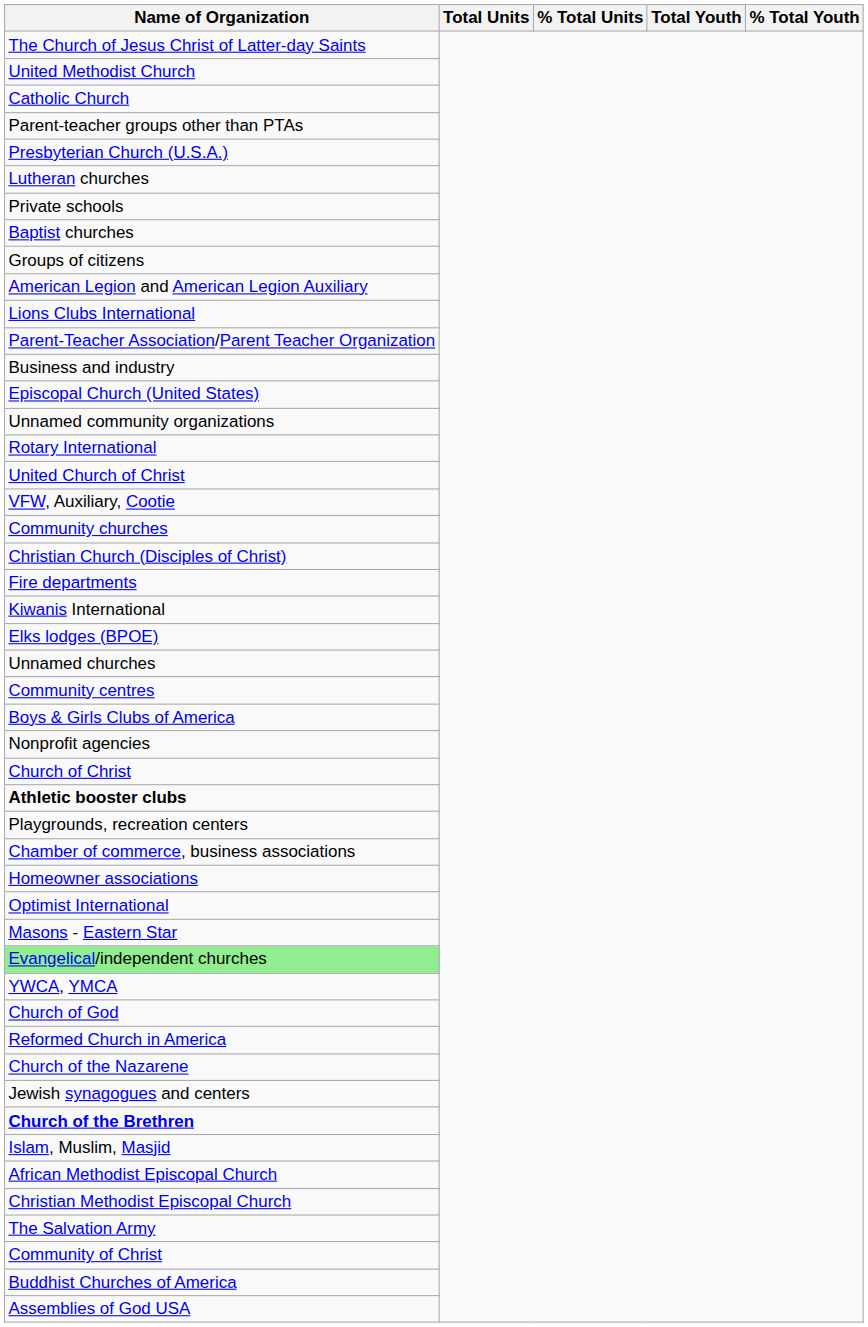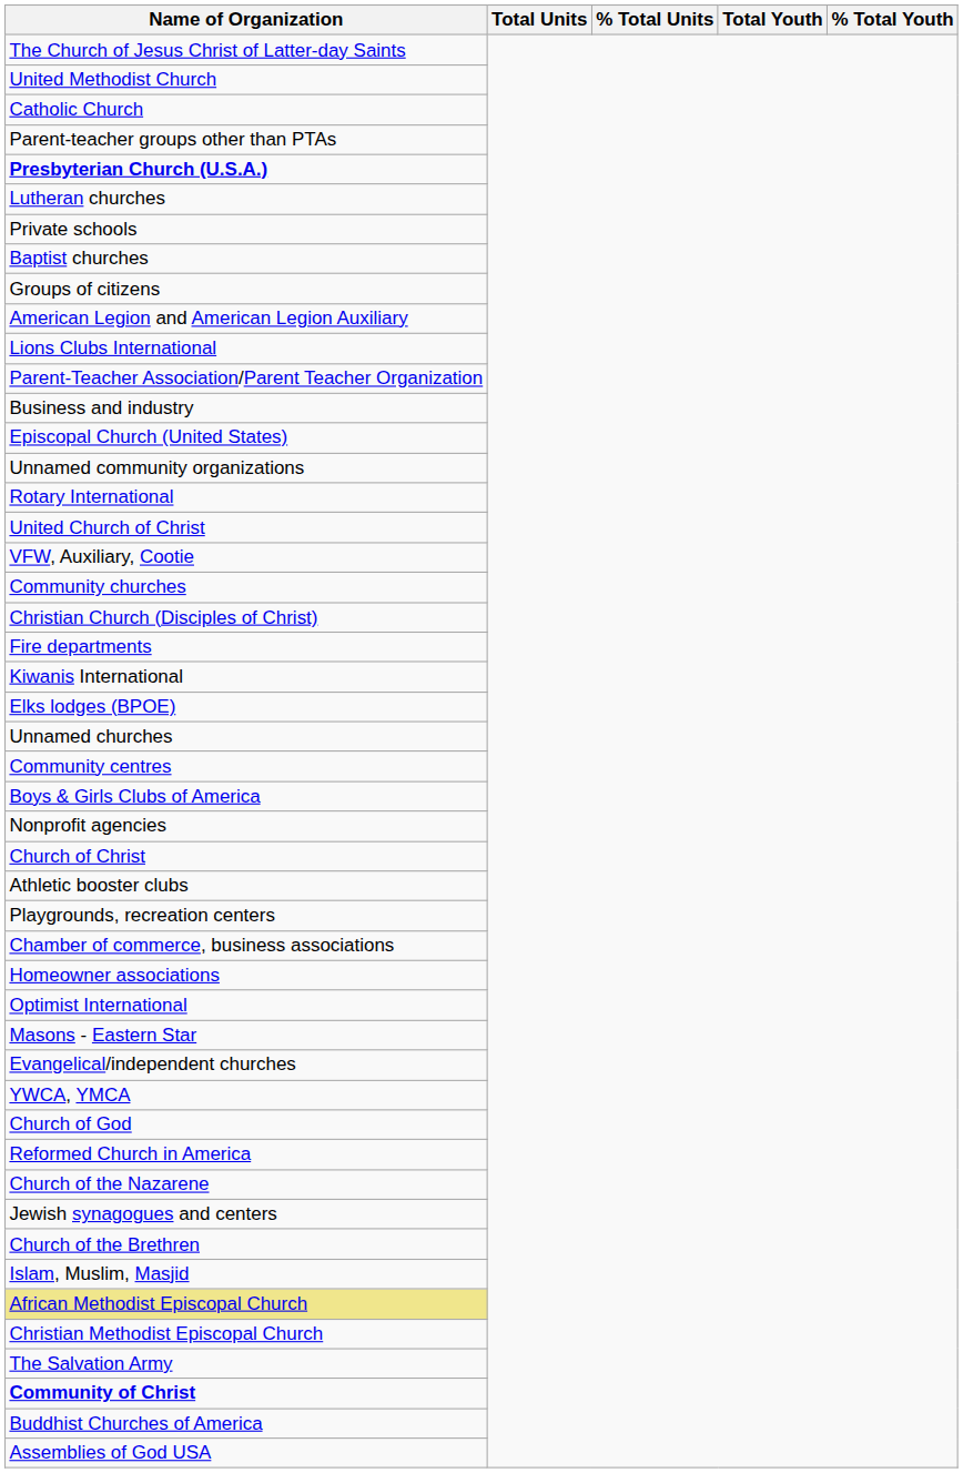 <table class="wikitable sortable">
 <tr>
 <th>Name of Organization</th>
 <th>Total Units</th>
 <th>% Total Units</th>
 <th>Total Youth</th>
 <th>% Total Youth</th>
 </tr>
 <tr>
 <td><a href='#'>The Church of Jesus Christ of Latter-day Saints</a> </td>
 </tr>
 <tr>
 <td><a href='#'>United Methodist Church</a> </td>
 </tr>
 <tr>
 <td><a href='#'>Catholic Church</a> </td>
 </tr>
 <tr>
 <td>Parent-teacher groups other than PTAs </td>
 </tr>
 <tr>
-<td><a href='#'>Presbyterian Church (U.S.A.)</a> </td>
+<td><strong><a href='#'>Presbyterian Church (U.S.A.)</a> </strong></td>
 </tr>
 <tr>
 <td><a href='#'>Lutheran</a> churches </td>
 </tr>
 <tr>
 <td>Private schools </td>
 </tr>
 <tr>
 <td><a href='#'>Baptist</a> churches </td>
 </tr>
 <tr>
 <td>Groups of citizens </td>
 </tr>
 <tr>
 <td><a href='#'>American Legion</a> and <a href='#'>American Legion Auxiliary</a> </td>
 </tr>
 <tr>
 <td><a href='#'>Lions Clubs International</a> </td>
 </tr>
 <tr>
 <td><a href='#'>Parent-Teacher Association</a>/<a href='#'>Parent Teacher Organization</a> </td>
 </tr>
 <tr>
 <td>Business and industry </td>
 </tr>
 <tr>
 <td><a href='#'>Episcopal Church (United States)</a> </td>
 </tr>
 <tr>
 <td>Unnamed community organizations </td>
 </tr>
 <tr>
 <td><a href='#'>Rotary International</a> </td>
 </tr>
 <tr>
 <td><a href='#'>United Church of Christ</a> </td>
 </tr>
 <tr>
 <td><a href='#'>VFW</a>, Auxiliary, <a href='#'>Cootie</a> </td>
 </tr>
 <tr>
 <td><a href='#'>Community churches</a> </td>
 </tr>
 <tr>
 <td><a href='#'>Christian Church (Disciples of Christ)</a> </td>
 </tr>
 <tr>
 <td><a href='#'>Fire departments</a> </td>
 </tr>
 <tr>
 <td><a href='#'>Kiwanis</a> International </td>
 </tr>
 <tr>
 <td><a href='#'>Elks lodges (BPOE)</a> </td>
 </tr>
 <tr>
 <td>Unnamed churches </td>
 </tr>
 <tr>
 <td><a href='#'>Community centres</a> </td>
 </tr>
 <tr>
 <td><a href='#'>Boys & Girls Clubs of America</a> </td>
 </tr>
 <tr>
 <td>Nonprofit agencies </td>
 </tr>
 <tr>
 <td><a href='#'>Church of Christ</a> </td>
 </tr>
 <tr>
-<td><strong>Athletic booster clubs </strong></td>
+<td>Athletic booster clubs </td>
 </tr>
 <tr>
 <td>Playgrounds, recreation centers </td>
 </tr>
 <tr>
 <td><a href='#'>Chamber of commerce</a>, business associations </td>
 </tr>
 <tr>
 <td><a href='#'>Homeowner associations</a> </td>
 </tr>
 <tr>
 <td><a href='#'>Optimist International</a> </td>
 </tr>
 <tr>
 <td><a href='#'>Masons</a> - <a href='#'>Eastern Star</a> </td>
 </tr>
 <tr>
-<td style="background: lightgreen;"><a href='#'>Evangelical</a>/independent churches </td>
+<td><a href='#'>Evangelical</a>/independent churches </td>
 </tr>
 <tr>
 <td><a href='#'>YWCA</a>, <a href='#'>YMCA</a> </td>
 </tr>
 <tr>
 <td><a href='#'>Church of God</a> </td>
 </tr>
 <tr>
 <td><a href='#'>Reformed Church in America</a> </td>
 </tr>
 <tr>
 <td><a href='#'>Church of the Nazarene</a> </td>
 </tr>
 <tr>
 <td>Jewish <a href='#'>synagogues</a> and centers </td>
 </tr>
 <tr>
-<td><strong><a href='#'>Church of the Brethren</a> </strong></td>
+<td><a href='#'>Church of the Brethren</a> </td>
 </tr>
 <tr>
 <td><a href='#'>Islam</a>, Muslim, <a href='#'>Masjid</a> </td>
 </tr>
 <tr>
-<td><a href='#'>African Methodist Episcopal Church</a> </td>
+<td style="background: khaki;"><a href='#'>African Methodist Episcopal Church</a> </td>
 </tr>
 <tr>
 <td><a href='#'>Christian Methodist Episcopal Church</a> </td>
 </tr>
 <tr>
 <td><a href='#'>The Salvation Army</a> </td>
 </tr>
 <tr>
-<td><a href='#'>Community of Christ</a> </td>
+<td><strong><a href='#'>Community of Christ</a> </strong></td>
 </tr>
 <tr>
 <td><a href='#'>Buddhist Churches of America</a> </td>
 </tr>
 <tr>
 <td><a href='#'>Assemblies of God USA</a> </td>
 </tr>
 </table>
